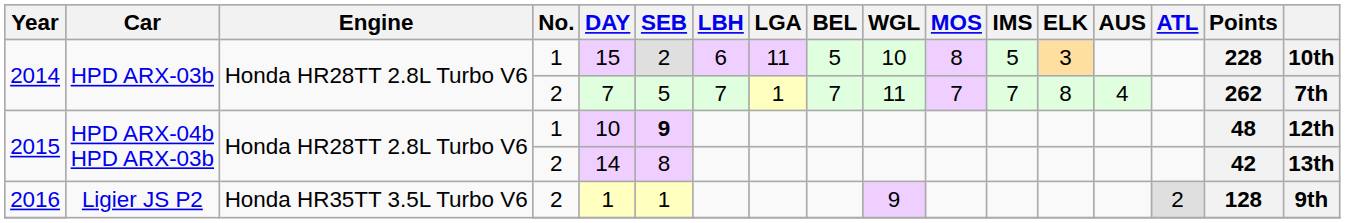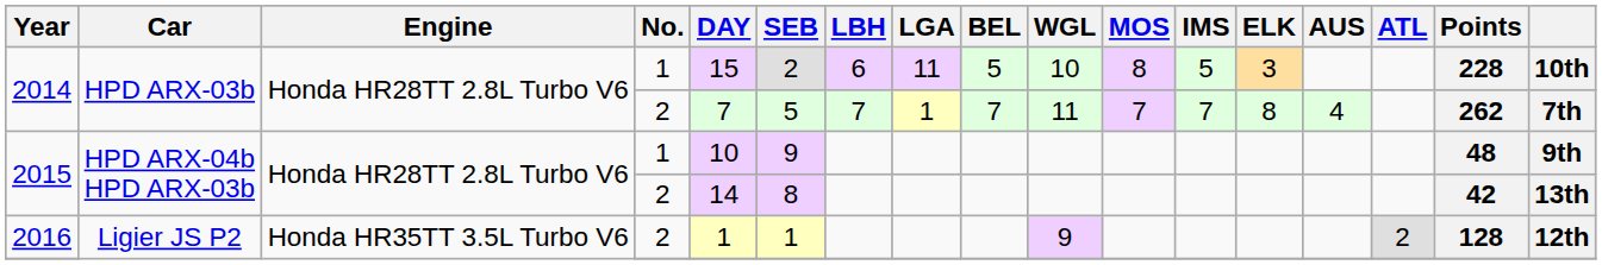 <table class="wikitable" style="font-size: 85%; text-align: center;">
 <tr valign="top">
 <th valign="middle">Year</th>
 <th valign="middle">Car</th>
 <th valign="middle">Engine</th>
 <th valign="middle">No.</th>
 <th><a href='#'>DAY</a><br></th>
 <th><a href='#'>SEB</a><br></th>
 <th><a href='#'>LBH</a><br></th>
 <th>LGA<br></th>
 <th>BEL<br></th>
 <th>WGL<br></th>
 <th><a href='#'>MOS</a><br></th>
 <th>IMS<br></th>
 <th>ELK<br></th>
 <th>AUS<br></th>
 <th><a href='#'>ATL</a><br></th>
 <th valign="middle">Points</th>
 <th valign="middle"></th>
 </tr>
 <tr>
 <td rowspan="2" align="left"><a href='#'>2014</a></td>
 <td rowspan="2" align="middle"><a href='#'>HPD ARX-03b</a></td>
 <td rowspan="2" align="middle">Honda HR28TT 2.8L Turbo V6</td>
 <td>1</td>
 <td style="background:#efcfff;">15</td>
 <td style="background:#dfdfdf;">2</td>
 <td style="background:#efcfff;">6</td>
 <td style="background:#efcfff;">11</td>
 <td style="background:#dfffdf;">5</td>
 <td style="background:#dfffdf;">10</td>
 <td style="background:#efcfff;">8</td>
 <td style="background:#dfffdf;">5</td>
 <td style="background:#ffdf9f;">3</td>
 <td></td>
 <td></td>
 <th>228</th>
 <th>10th</th>
 </tr>
 <tr>
 <td>2</td>
 <td style="background:#dfffdf;">7</td>
 <td style="background:#dfffdf;">5</td>
 <td style="background:#dfffdf;">7</td>
 <td style="background:#FFFFBF;">1</td>
 <td style="background:#dfffdf;">7</td>
 <td style="background:#dfffdf;">11</td>
 <td style="background:#efcfff;">7</td>
 <td style="background:#dfffdf;">7</td>
 <td style="background:#dfffdf;">8</td>
 <td style="background:#dfffdf;">4</td>
 <td></td>
 <th>262</th>
 <th>7th</th>
 </tr>
 <tr>
 <td rowspan="2" align="left"><a href='#'>2015</a></td>
 <td rowspan="2" align="middle"><a href='#'>HPD ARX-04b</a><br> <a href='#'>HPD ARX-03b</a></td>
 <td rowspan="2" align="middle">Honda HR28TT 2.8L Turbo V6</td>
 <td>1</td>
 <td style="background:#efcfff;">10</td>
-<td style="background:#efcfff;"><strong>9</strong></td>
+<td style="background:#efcfff;">9</td>
 <td></td>
 <td></td>
 <td></td>
 <td></td>
 <td></td>
 <td></td>
 <td></td>
 <td></td>
 <td></td>
 <th>48</th>
-<th>12th</th>
+<th>9th</th>
 </tr>
 <tr>
 <td>2</td>
 <td style="background:#efcfff;">14</td>
 <td style="background:#efcfff;">8</td>
 <td></td>
 <td></td>
 <td></td>
 <td></td>
 <td></td>
 <td></td>
 <td></td>
 <td></td>
 <td></td>
 <th>42</th>
 <th>13th</th>
 </tr>
 <tr>
 <td align="left"><a href='#'>2016</a></td>
 <td rowspan="2" align="middle"><a href='#'>Ligier JS P2</a></td>
 <td rowspan="2" align="middle">Honda HR35TT 3.5L Turbo V6</td>
 <td>2</td>
 <td style="background:#FFFFBF;">1</td>
 <td style="background:#FFFFBF;">1</td>
 <td></td>
 <td></td>
 <td></td>
 <td style="background:#efcfff;">9</td>
 <td></td>
 <td></td>
 <td></td>
 <td></td>
 <td style="background:#dfdfdf;">2</td>
 <th>128</th>
-<th>9th</th>
+<th>12th</th>
 </tr>
 <tr>
 </tr>
 </table>
